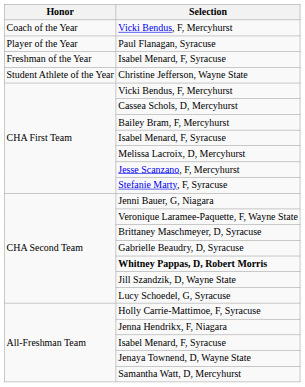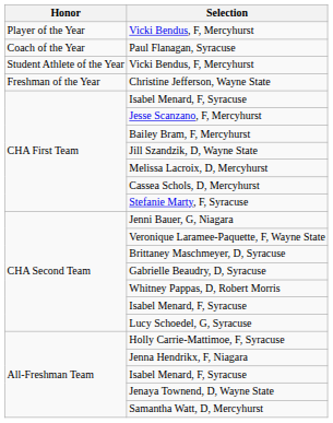 <table class="wikitable">
 <tr>
 <th>Honor</th>
 <th>Selection</th>
 </tr>
 <tr>
-<td>Coach of the Year</td>
+<td>Player of the Year</td>
 <td><a href='#'>Vicki Bendus</a>, F, Mercyhurst</td>
 </tr>
 <tr>
-<td>Player of the Year</td>
+<td>Coach of the Year</td>
 <td>Paul Flanagan, Syracuse</td>
 </tr>
 <tr>
-<td>Freshman of the Year</td>
-<td>Isabel Menard, F, Syracuse</td>
+<td>Student Athlete of the Year</td>
+<td>Vicki Bendus, F, Mercyhurst</td>
 </tr>
 <tr>
-<td>Student Athlete of the Year</td>
+<td>Freshman of the Year</td>
 <td>Christine Jefferson, Wayne State</td>
 </tr>
 <tr>
 <td rowspan="7" style="vertical-align:middle;">CHA First Team</td>
-<td>Vicki Bendus, F, Mercyhurst</td>
+<td>Isabel Menard, F, Syracuse</td>
 </tr>
 <tr>
-<td>Cassea Schols, D, Mercyhurst</td>
+<td><a href='#'>Jesse Scanzano</a>, F, Mercyhurst</td>
 </tr>
 <tr>
 <td>Bailey Bram, F, Mercyhurst</td>
 </tr>
 <tr>
-<td>Isabel Menard, F, Syracuse</td>
+<td>Jill Szandzik, D, Wayne State</td>
 </tr>
 <tr>
 <td>Melissa Lacroix, D, Mercyhurst</td>
 </tr>
 <tr>
-<td><a href='#'>Jesse Scanzano</a>, F, Mercyhurst</td>
+<td>Cassea Schols, D, Mercyhurst</td>
 </tr>
 <tr>
 <td><a href='#'>Stefanie Marty</a>, F, Syracuse</td>
 </tr>
 <tr>
 <td rowspan="7" style="vertical-align:middle;">CHA Second Team</td>
 <td>Jenni Bauer, G, Niagara</td>
 </tr>
 <tr>
 <td>Veronique Laramee-Paquette, F, Wayne State</td>
 </tr>
 <tr>
 <td>Brittaney Maschmeyer, D, Syracuse</td>
 </tr>
 <tr>
 <td>Gabrielle Beaudry, D, Syracuse</td>
 </tr>
 <tr>
-<td><strong>Whitney Pappas, D, Robert Morris</strong></td>
+<td>Whitney Pappas, D, Robert Morris</td>
 </tr>
 <tr>
-<td>Jill Szandzik, D, Wayne State</td>
+<td>Isabel Menard, F, Syracuse</td>
 </tr>
 <tr>
 <td>Lucy Schoedel, G, Syracuse</td>
 </tr>
 <tr>
 <td rowspan="5" style="vertical-align:middle;">All-Freshman Team</td>
 <td>Holly Carrie-Mattimoe, F, Syracuse</td>
 </tr>
 <tr>
 <td>Jenna Hendrikx, F, Niagara</td>
 </tr>
 <tr>
 <td>Isabel Menard, F, Syracuse</td>
 </tr>
 <tr>
 <td>Jenaya Townend, D, Wayne State</td>
 </tr>
 <tr>
 <td>Samantha Watt, D, Mercyhurst  </td>
 </tr>
 </table>
